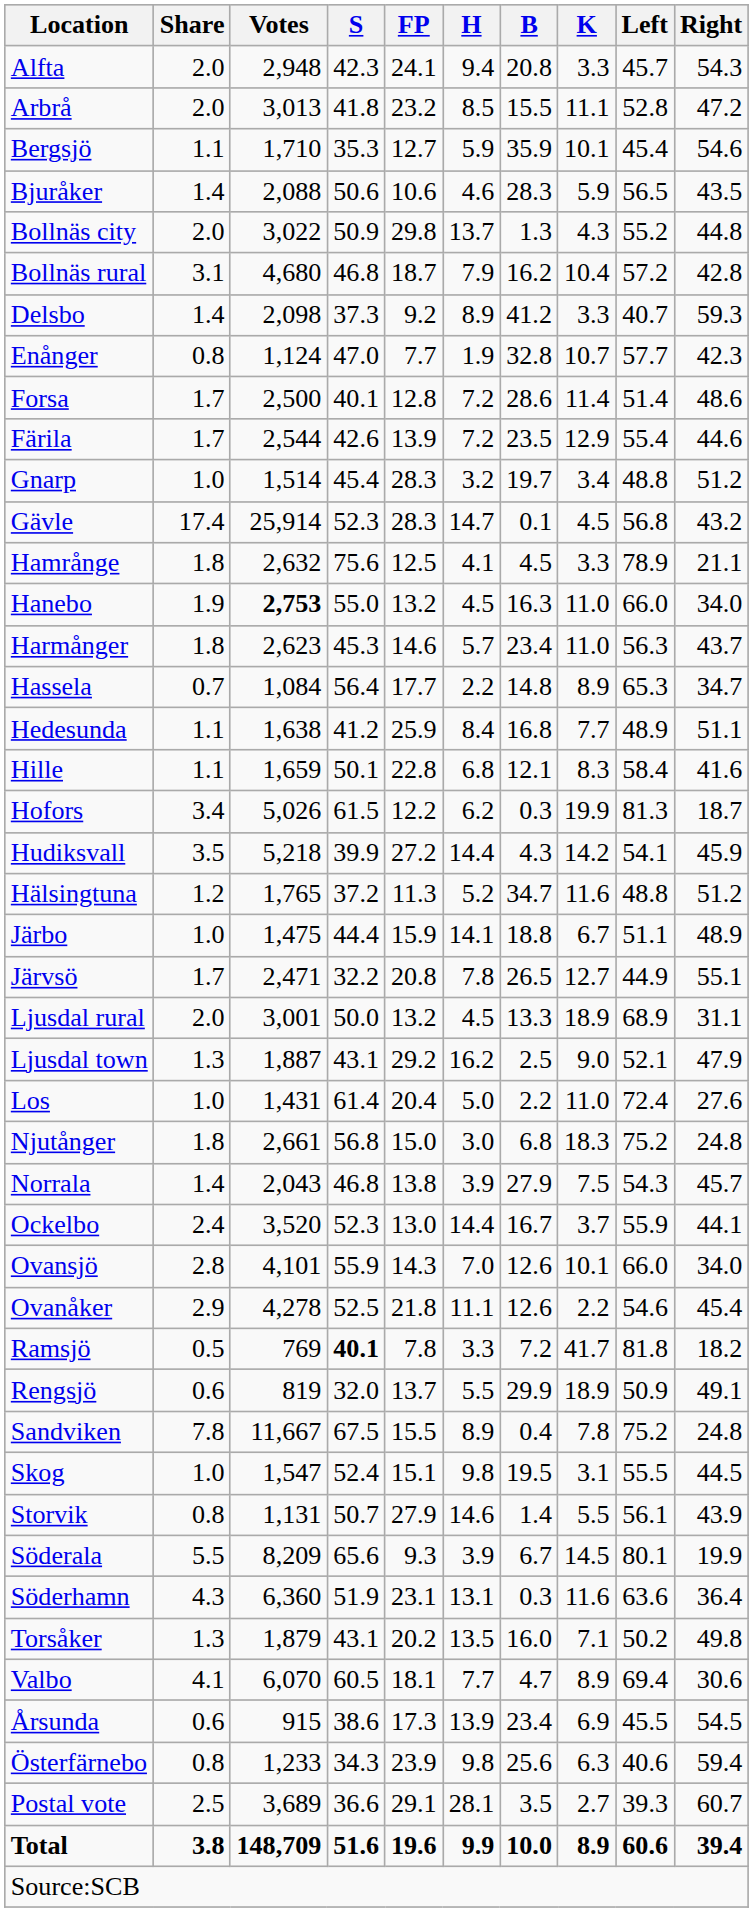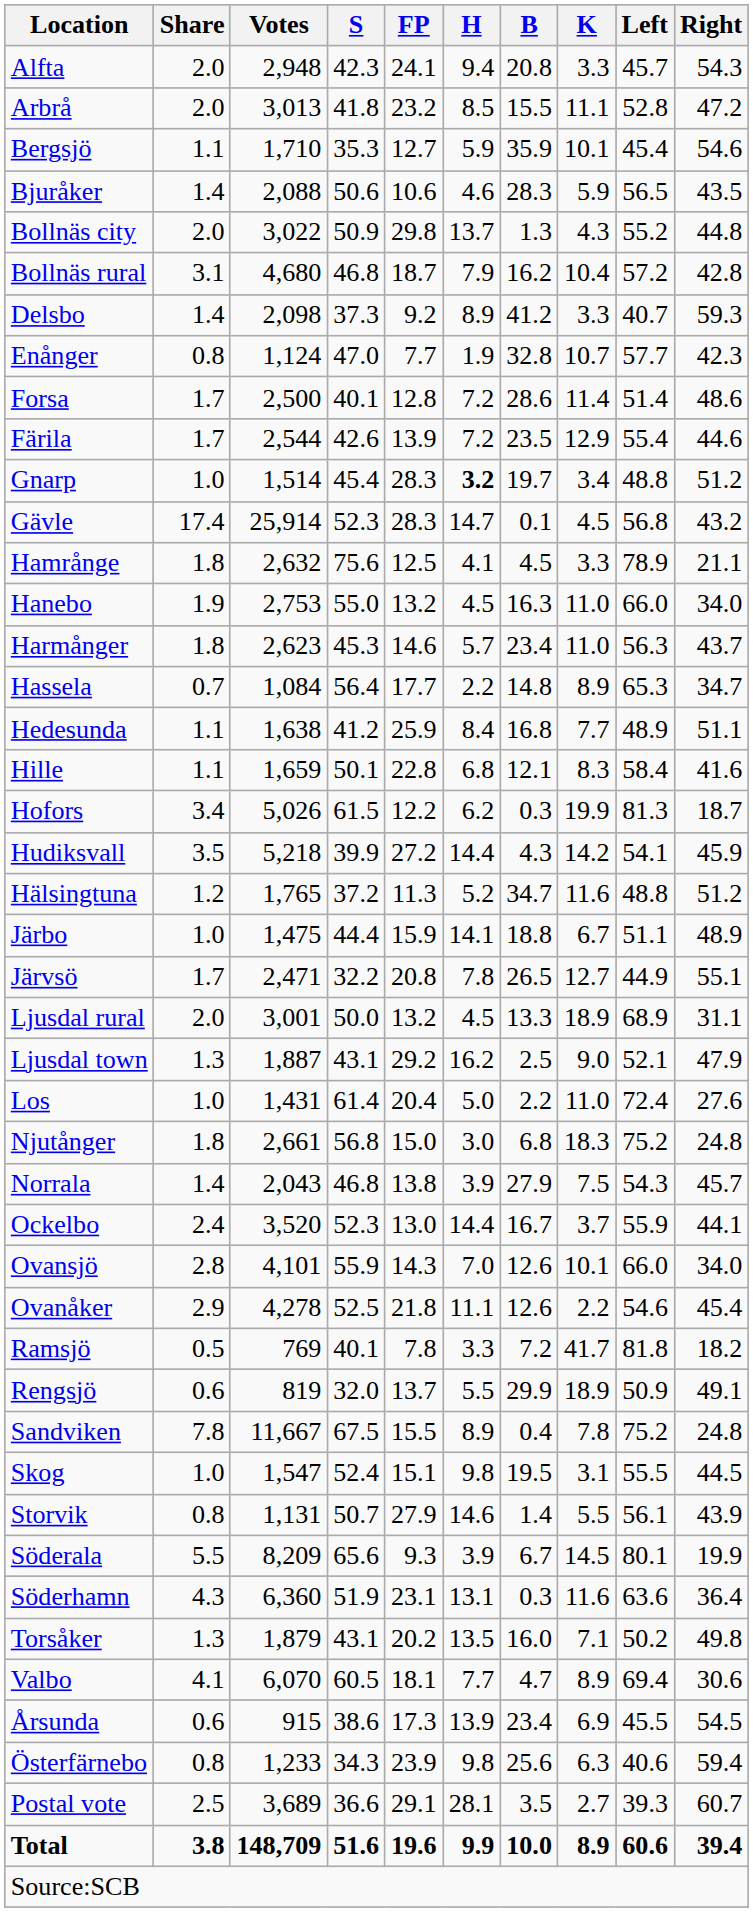 <table class="wikitable sortable" style=text-align:right>
 <tr>
 <th>Location</th>
 <th>Share</th>
 <th>Votes</th>
 <th><a href='#'>S</a></th>
 <th><a href='#'>FP</a></th>
 <th><a href='#'>H</a></th>
 <th><a href='#'>B</a></th>
 <th><a href='#'>K</a></th>
 <th>Left</th>
 <th>Right</th>
 </tr>
 <tr>
 <td align=left><a href='#'>Alfta</a></td>
 <td>2.0</td>
 <td>2,948</td>
 <td>42.3</td>
 <td>24.1</td>
 <td>9.4</td>
 <td>20.8</td>
 <td>3.3</td>
 <td>45.7</td>
 <td>54.3</td>
 </tr>
 <tr>
 <td align=left><a href='#'>Arbrå</a></td>
 <td>2.0</td>
 <td>3,013</td>
 <td>41.8</td>
 <td>23.2</td>
 <td>8.5</td>
 <td>15.5</td>
 <td>11.1</td>
 <td>52.8</td>
 <td>47.2</td>
 </tr>
 <tr>
 <td align=left><a href='#'>Bergsjö</a></td>
 <td>1.1</td>
 <td>1,710</td>
 <td>35.3</td>
 <td>12.7</td>
 <td>5.9</td>
 <td>35.9</td>
 <td>10.1</td>
 <td>45.4</td>
 <td>54.6</td>
 </tr>
 <tr>
 <td align=left><a href='#'>Bjuråker</a></td>
 <td>1.4</td>
 <td>2,088</td>
 <td>50.6</td>
 <td>10.6</td>
 <td>4.6</td>
 <td>28.3</td>
 <td>5.9</td>
 <td>56.5</td>
 <td>43.5</td>
 </tr>
 <tr>
 <td align=left><a href='#'>Bollnäs city</a></td>
 <td>2.0</td>
 <td>3,022</td>
 <td>50.9</td>
 <td>29.8</td>
 <td>13.7</td>
 <td>1.3</td>
 <td>4.3</td>
 <td>55.2</td>
 <td>44.8</td>
 </tr>
 <tr>
 <td align=left><a href='#'>Bollnäs rural</a></td>
 <td>3.1</td>
 <td>4,680</td>
 <td>46.8</td>
 <td>18.7</td>
 <td>7.9</td>
 <td>16.2</td>
 <td>10.4</td>
 <td>57.2</td>
 <td>42.8</td>
 </tr>
 <tr>
 <td align=left><a href='#'>Delsbo</a></td>
 <td>1.4</td>
 <td>2,098</td>
 <td>37.3</td>
 <td>9.2</td>
 <td>8.9</td>
 <td>41.2</td>
 <td>3.3</td>
 <td>40.7</td>
 <td>59.3</td>
 </tr>
 <tr>
 <td align=left><a href='#'>Enånger</a></td>
 <td>0.8</td>
 <td>1,124</td>
 <td>47.0</td>
 <td>7.7</td>
 <td>1.9</td>
 <td>32.8</td>
 <td>10.7</td>
 <td>57.7</td>
 <td>42.3</td>
 </tr>
 <tr>
 <td align=left><a href='#'>Forsa</a></td>
 <td>1.7</td>
 <td>2,500</td>
 <td>40.1</td>
 <td>12.8</td>
 <td>7.2</td>
 <td>28.6</td>
 <td>11.4</td>
 <td>51.4</td>
 <td>48.6</td>
 </tr>
 <tr>
 <td align=left><a href='#'>Färila</a></td>
 <td>1.7</td>
 <td>2,544</td>
 <td>42.6</td>
 <td>13.9</td>
 <td>7.2</td>
 <td>23.5</td>
 <td>12.9</td>
 <td>55.4</td>
 <td>44.6</td>
 </tr>
 <tr>
 <td align=left><a href='#'>Gnarp</a></td>
 <td>1.0</td>
 <td>1,514</td>
 <td>45.4</td>
 <td>28.3</td>
-<td>3.2</td>
+<td><strong>3.2</strong></td>
 <td>19.7</td>
 <td>3.4</td>
 <td>48.8</td>
 <td>51.2</td>
 </tr>
 <tr>
 <td align=left><a href='#'>Gävle</a></td>
 <td>17.4</td>
 <td>25,914</td>
 <td>52.3</td>
 <td>28.3</td>
 <td>14.7</td>
 <td>0.1</td>
 <td>4.5</td>
 <td>56.8</td>
 <td>43.2</td>
 </tr>
 <tr>
 <td align=left><a href='#'>Hamrånge</a></td>
 <td>1.8</td>
 <td>2,632</td>
 <td>75.6</td>
 <td>12.5</td>
 <td>4.1</td>
 <td>4.5</td>
 <td>3.3</td>
 <td>78.9</td>
 <td>21.1</td>
 </tr>
 <tr>
 <td align=left><a href='#'>Hanebo</a></td>
 <td>1.9</td>
-<td><strong>2,753</strong></td>
+<td>2,753</td>
 <td>55.0</td>
 <td>13.2</td>
 <td>4.5</td>
 <td>16.3</td>
 <td>11.0</td>
 <td>66.0</td>
 <td>34.0</td>
 </tr>
 <tr>
 <td align=left><a href='#'>Harmånger</a></td>
 <td>1.8</td>
 <td>2,623</td>
 <td>45.3</td>
 <td>14.6</td>
 <td>5.7</td>
 <td>23.4</td>
 <td>11.0</td>
 <td>56.3</td>
 <td>43.7</td>
 </tr>
 <tr>
 <td align=left><a href='#'>Hassela</a></td>
 <td>0.7</td>
 <td>1,084</td>
 <td>56.4</td>
 <td>17.7</td>
 <td>2.2</td>
 <td>14.8</td>
 <td>8.9</td>
 <td>65.3</td>
 <td>34.7</td>
 </tr>
 <tr>
 <td align=left><a href='#'>Hedesunda</a></td>
 <td>1.1</td>
 <td>1,638</td>
 <td>41.2</td>
 <td>25.9</td>
 <td>8.4</td>
 <td>16.8</td>
 <td>7.7</td>
 <td>48.9</td>
 <td>51.1</td>
 </tr>
 <tr>
 <td align=left><a href='#'>Hille</a></td>
 <td>1.1</td>
 <td>1,659</td>
 <td>50.1</td>
 <td>22.8</td>
 <td>6.8</td>
 <td>12.1</td>
 <td>8.3</td>
 <td>58.4</td>
 <td>41.6</td>
 </tr>
 <tr>
 <td align=left><a href='#'>Hofors</a></td>
 <td>3.4</td>
 <td>5,026</td>
 <td>61.5</td>
 <td>12.2</td>
 <td>6.2</td>
 <td>0.3</td>
 <td>19.9</td>
 <td>81.3</td>
 <td>18.7</td>
 </tr>
 <tr>
 <td align=left><a href='#'>Hudiksvall</a></td>
 <td>3.5</td>
 <td>5,218</td>
 <td>39.9</td>
 <td>27.2</td>
 <td>14.4</td>
 <td>4.3</td>
 <td>14.2</td>
 <td>54.1</td>
 <td>45.9</td>
 </tr>
 <tr>
 <td align=left><a href='#'>Hälsingtuna</a></td>
 <td>1.2</td>
 <td>1,765</td>
 <td>37.2</td>
 <td>11.3</td>
 <td>5.2</td>
 <td>34.7</td>
 <td>11.6</td>
 <td>48.8</td>
 <td>51.2</td>
 </tr>
 <tr>
 <td align=left><a href='#'>Järbo</a></td>
 <td>1.0</td>
 <td>1,475</td>
 <td>44.4</td>
 <td>15.9</td>
 <td>14.1</td>
 <td>18.8</td>
 <td>6.7</td>
 <td>51.1</td>
 <td>48.9</td>
 </tr>
 <tr>
 <td align=left><a href='#'>Järvsö</a></td>
 <td>1.7</td>
 <td>2,471</td>
 <td>32.2</td>
 <td>20.8</td>
 <td>7.8</td>
 <td>26.5</td>
 <td>12.7</td>
 <td>44.9</td>
 <td>55.1</td>
 </tr>
 <tr>
 <td align=left><a href='#'>Ljusdal rural</a></td>
 <td>2.0</td>
 <td>3,001</td>
 <td>50.0</td>
 <td>13.2</td>
 <td>4.5</td>
 <td>13.3</td>
 <td>18.9</td>
 <td>68.9</td>
 <td>31.1</td>
 </tr>
 <tr>
 <td align=left><a href='#'>Ljusdal town</a></td>
 <td>1.3</td>
 <td>1,887</td>
 <td>43.1</td>
 <td>29.2</td>
 <td>16.2</td>
 <td>2.5</td>
 <td>9.0</td>
 <td>52.1</td>
 <td>47.9</td>
 </tr>
 <tr>
 <td align=left><a href='#'>Los</a></td>
 <td>1.0</td>
 <td>1,431</td>
 <td>61.4</td>
 <td>20.4</td>
 <td>5.0</td>
 <td>2.2</td>
 <td>11.0</td>
 <td>72.4</td>
 <td>27.6</td>
 </tr>
 <tr>
 <td align=left><a href='#'>Njutånger</a></td>
 <td>1.8</td>
 <td>2,661</td>
 <td>56.8</td>
 <td>15.0</td>
 <td>3.0</td>
 <td>6.8</td>
 <td>18.3</td>
 <td>75.2</td>
 <td>24.8</td>
 </tr>
 <tr>
 <td align=left><a href='#'>Norrala</a></td>
 <td>1.4</td>
 <td>2,043</td>
 <td>46.8</td>
 <td>13.8</td>
 <td>3.9</td>
 <td>27.9</td>
 <td>7.5</td>
 <td>54.3</td>
 <td>45.7</td>
 </tr>
 <tr>
 <td align=left><a href='#'>Ockelbo</a></td>
 <td>2.4</td>
 <td>3,520</td>
 <td>52.3</td>
 <td>13.0</td>
 <td>14.4</td>
 <td>16.7</td>
 <td>3.7</td>
 <td>55.9</td>
 <td>44.1</td>
 </tr>
 <tr>
 <td align=left><a href='#'>Ovansjö</a></td>
 <td>2.8</td>
 <td>4,101</td>
 <td>55.9</td>
 <td>14.3</td>
 <td>7.0</td>
 <td>12.6</td>
 <td>10.1</td>
 <td>66.0</td>
 <td>34.0</td>
 </tr>
 <tr>
 <td align=left><a href='#'>Ovanåker</a></td>
 <td>2.9</td>
 <td>4,278</td>
 <td>52.5</td>
 <td>21.8</td>
 <td>11.1</td>
 <td>12.6</td>
 <td>2.2</td>
 <td>54.6</td>
 <td>45.4</td>
 </tr>
 <tr>
 <td align=left><a href='#'>Ramsjö</a></td>
 <td>0.5</td>
 <td>769</td>
-<td><strong>40.1</strong></td>
+<td>40.1</td>
 <td>7.8</td>
 <td>3.3</td>
 <td>7.2</td>
 <td>41.7</td>
 <td>81.8</td>
 <td>18.2</td>
 </tr>
 <tr>
 <td align=left><a href='#'>Rengsjö</a></td>
 <td>0.6</td>
 <td>819</td>
 <td>32.0</td>
 <td>13.7</td>
 <td>5.5</td>
 <td>29.9</td>
 <td>18.9</td>
 <td>50.9</td>
 <td>49.1</td>
 </tr>
 <tr>
 <td align=left><a href='#'>Sandviken</a></td>
 <td>7.8</td>
 <td>11,667</td>
 <td>67.5</td>
 <td>15.5</td>
 <td>8.9</td>
 <td>0.4</td>
 <td>7.8</td>
 <td>75.2</td>
 <td>24.8</td>
 </tr>
 <tr>
 <td align=left><a href='#'>Skog</a></td>
 <td>1.0</td>
 <td>1,547</td>
 <td>52.4</td>
 <td>15.1</td>
 <td>9.8</td>
 <td>19.5</td>
 <td>3.1</td>
 <td>55.5</td>
 <td>44.5</td>
 </tr>
 <tr>
 <td align=left><a href='#'>Storvik</a></td>
 <td>0.8</td>
 <td>1,131</td>
 <td>50.7</td>
 <td>27.9</td>
 <td>14.6</td>
 <td>1.4</td>
 <td>5.5</td>
 <td>56.1</td>
 <td>43.9</td>
 </tr>
 <tr>
 <td align=left><a href='#'>Söderala</a></td>
 <td>5.5</td>
 <td>8,209</td>
 <td>65.6</td>
 <td>9.3</td>
 <td>3.9</td>
 <td>6.7</td>
 <td>14.5</td>
 <td>80.1</td>
 <td>19.9</td>
 </tr>
 <tr>
 <td align=left><a href='#'>Söderhamn</a></td>
 <td>4.3</td>
 <td>6,360</td>
 <td>51.9</td>
 <td>23.1</td>
 <td>13.1</td>
 <td>0.3</td>
 <td>11.6</td>
 <td>63.6</td>
 <td>36.4</td>
 </tr>
 <tr>
 <td align=left><a href='#'>Torsåker</a></td>
 <td>1.3</td>
 <td>1,879</td>
 <td>43.1</td>
 <td>20.2</td>
 <td>13.5</td>
 <td>16.0</td>
 <td>7.1</td>
 <td>50.2</td>
 <td>49.8</td>
 </tr>
 <tr>
 <td align=left><a href='#'>Valbo</a></td>
 <td>4.1</td>
 <td>6,070</td>
 <td>60.5</td>
 <td>18.1</td>
 <td>7.7</td>
 <td>4.7</td>
 <td>8.9</td>
 <td>69.4</td>
 <td>30.6</td>
 </tr>
 <tr>
 <td align=left><a href='#'>Årsunda</a></td>
 <td>0.6</td>
 <td>915</td>
 <td>38.6</td>
 <td>17.3</td>
 <td>13.9</td>
 <td>23.4</td>
 <td>6.9</td>
 <td>45.5</td>
 <td>54.5</td>
 </tr>
 <tr>
 <td align=left><a href='#'>Österfärnebo</a></td>
 <td>0.8</td>
 <td>1,233</td>
 <td>34.3</td>
 <td>23.9</td>
 <td>9.8</td>
 <td>25.6</td>
 <td>6.3</td>
 <td>40.6</td>
 <td>59.4</td>
 </tr>
 <tr>
 <td align=left><a href='#'>Postal vote</a></td>
 <td>2.5</td>
 <td>3,689</td>
 <td>36.6</td>
 <td>29.1</td>
 <td>28.1</td>
 <td>3.5</td>
 <td>2.7</td>
 <td>39.3</td>
 <td>60.7</td>
 </tr>
 <tr>
 <td align=left><strong>Total</strong></td>
 <td><strong>3.8</strong></td>
 <td><strong>148,709</strong></td>
 <td><strong>51.6</strong></td>
 <td><strong>19.6</strong></td>
 <td><strong>9.9</strong></td>
 <td><strong>10.0</strong></td>
 <td><strong>8.9</strong></td>
 <td><strong>60.6</strong></td>
 <td><strong>39.4</strong></td>
 </tr>
 <tr>
 <td align=left colspan=10>Source:SCB </td>
 </tr>
 </table>
